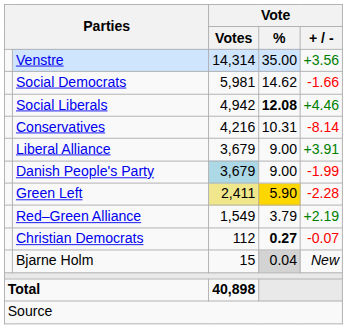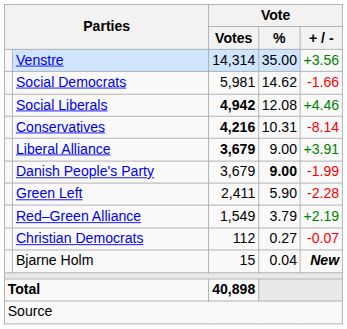 <table class="wikitable" style="text-align:right;">
 <tr>
 <th style="text-align:centre;" rowspan="2" colspan="2" width="225">Parties</th>
 <th colspan="3">Vote</th>
 </tr>
 <tr>
 <th width="15">Votes</th>
 <th width="15">%</th>
 <th width="15">+ / -</th>
 </tr>
 <tr>
 <td width="2" style="color:inherit;background:"></td>
 <td bgcolor=#cfe5fe  align="left"><a href='#'>Venstre</a></td>
 <td bgcolor=#cfe5fe>14,314</td>
 <td bgcolor=#cfe5fe>35.00</td>
 <td style=color:green;>+3.56</td>
 </tr>
 <tr>
 <td width="2" style="color:inherit;background:"></td>
 <td align="left"><a href='#'>Social Democrats</a></td>
 <td>5,981</td>
 <td>14.62</td>
 <td style=color:red;>-1.66</td>
 </tr>
 <tr>
 <td width="2" style="color:inherit;background:"></td>
 <td align="left"><a href='#'>Social Liberals</a></td>
-<td>4,942</td>
-<td><strong>12.08</strong></td>
+<td><strong>4,942</strong></td>
+<td>12.08</td>
 <td style=color:green;>+4.46</td>
 </tr>
 <tr>
 <td width="2" style="color:inherit;background:"></td>
 <td align="left"><a href='#'>Conservatives</a></td>
-<td>4,216</td>
+<td><strong>4,216</strong></td>
 <td>10.31</td>
 <td style=color:red;>-8.14</td>
 </tr>
 <tr>
 <td width="2" style="color:inherit;background:"></td>
 <td align="left"><a href='#'>Liberal Alliance</a></td>
-<td>3,679</td>
+<td><strong>3,679</strong></td>
 <td>9.00</td>
 <td style=color:green;>+3.91</td>
 </tr>
 <tr>
 <td width="2" style="color:inherit;background:"></td>
 <td align="left"><a href='#'>Danish People's Party</a></td>
-<td style="background: lightblue;">3,679</td>
-<td>9.00</td>
+<td>3,679</td>
+<td><strong>9.00</strong></td>
 <td style=color:red;>-1.99</td>
 </tr>
 <tr>
 <td width="2" style="color:inherit;background:"></td>
 <td align="left"><a href='#'>Green Left</a></td>
-<td style="background: khaki;">2,411</td>
-<td style="background: gold;">5.90</td>
+<td>2,411</td>
+<td>5.90</td>
 <td style=color:red;>-2.28</td>
 </tr>
 <tr>
 <td width="2" style="color:inherit;background:"></td>
 <td align="left"><a href='#'>Red–Green Alliance</a></td>
 <td>1,549</td>
 <td>3.79</td>
 <td style=color:green;>+2.19</td>
 </tr>
 <tr>
 <td width="2" style="color:inherit;background:"></td>
 <td align="left"><a href='#'>Christian Democrats</a></td>
 <td>112</td>
-<td><strong>0.27</strong></td>
+<td>0.27</td>
 <td style=color:red;>-0.07</td>
 </tr>
 <tr>
 <td width="2" style="color:inherit;background:"></td>
 <td align="left">Bjarne Holm</td>
 <td>15</td>
-<td style="background: lightgrey;">0.04</td>
-<td><em>New</em></td>
+<td>0.04</td>
+<td><strong><em>New</em></strong></td>
 </tr>
 <tr>
 <td colspan="7" bgcolor="#E9E9E9"></td>
 </tr>
 <tr>
 <td align="left" colspan="2"><strong>Total</strong></td>
 <td><strong>40,898</strong></td>
 <td bgcolor="#E9E9E9" colspan="2"></td>
 </tr>
 <tr>
 <td align="left" colspan="6">Source</td>
 </tr>
 </table>
